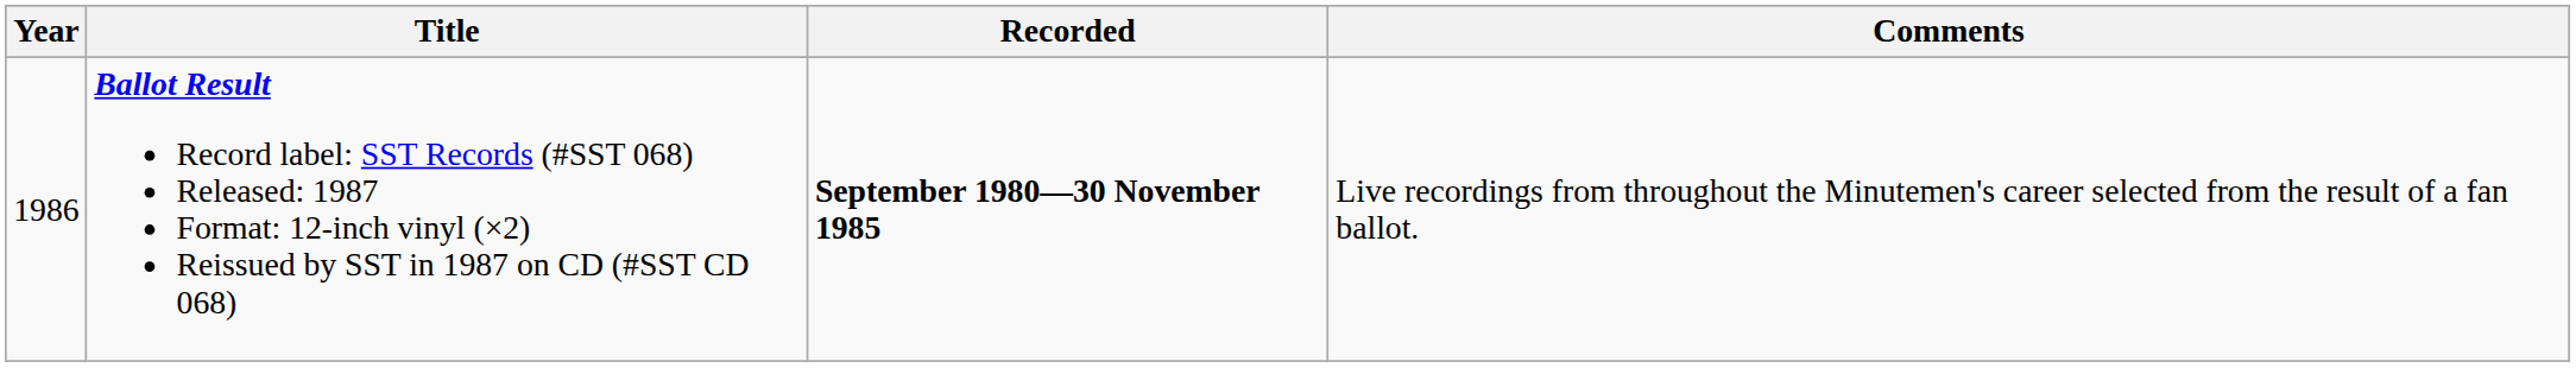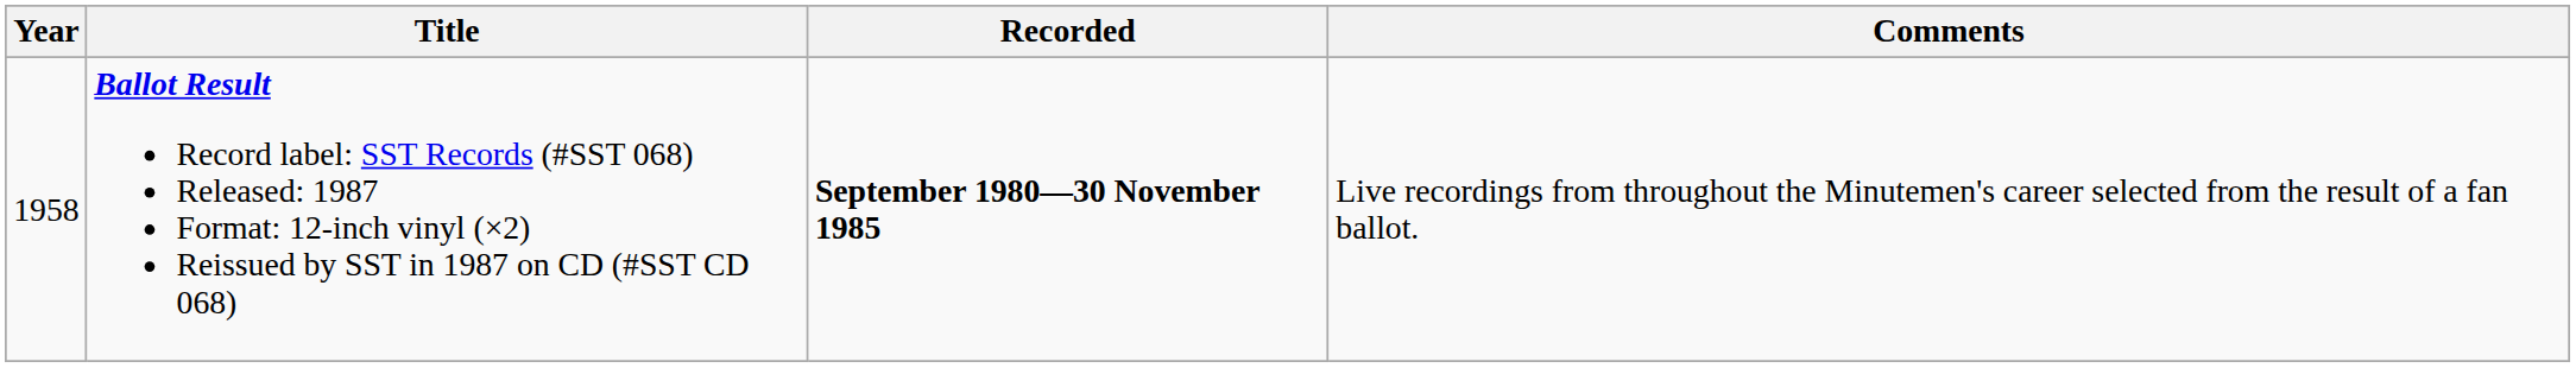 <table class="wikitable">
 <tr>
 <th>Year</th>
 <th>Title</th>
 <th>Recorded</th>
 <th>Comments</th>
 </tr>
 <tr>
-<td>1986</td>
+<td>1958</td>
 <td><strong><em><a href='#'>Ballot Result</a></em></strong><br><ul><li>Record label: <a href='#'>SST Records</a> (#SST 068)</li><li>Released: 1987</li><li>Format: 12-inch vinyl (×2)</li><li>Reissued by SST in 1987 on CD (#SST CD 068)</li></ul></td>
 <td><strong>September 1980—30 November 1985</strong></td>
 <td>Live recordings from throughout the Minutemen's career selected from the result of a fan ballot.</td>
 </tr>
 </table>
